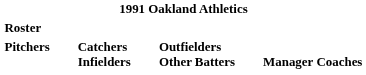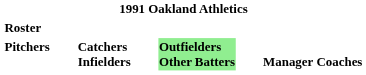 <table class="toccolours" style="font-size: 95%;">
 <tr>
 <th colspan="10">1991 Oakland Athletics</th>
 </tr>
 <tr>
 <td colspan="10"><strong>Roster</strong></td>
 </tr>
 <tr>
 <td valign="top"><strong>Pitchers</strong><br>                    </td>
 <td width="25px"></td>
 <td valign="top"><strong>Catchers</strong><br>    <strong>Infielders</strong>            </td>
 <td width="25px"></td>
-<td valign="top"><strong>Outfielders</strong><br>       <strong>Other Batters</strong> </td>
+<td valign="top" style="background: lightgreen;"><strong>Outfielders</strong><br>       <strong>Other Batters</strong> </td>
 <td width="25px"></td>
 <td valign="top"><br><strong>Manager</strong>  <strong>Coaches</strong>      </td>
 </tr>
 </table>
